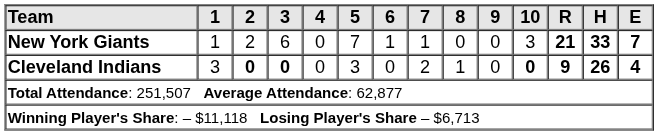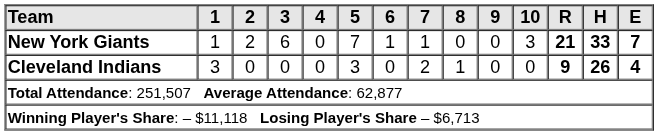 <table border=1 cellspacing=0 width=575 style="margin-left:3em;">
 <tr style="text-align:center; background-color:#e6e6e6;">
 <th align=left width=155>Team</th>
 <th width=25>1</th>
 <th width=25>2</th>
 <th width=25>3</th>
 <th width=25>4</th>
 <th width=25>5</th>
 <th width=25>6</th>
 <th width=25>7</th>
 <th width=25>8</th>
 <th width=25>9</th>
 <th width=25>10</th>
 <th width=25>R</th>
 <th width=25>H</th>
 <th width=25>E</th>
 </tr>
 <tr style="text-align:center;">
 <td align=left><strong>New York Giants</strong></td>
 <td>1</td>
 <td>2</td>
 <td>6</td>
 <td>0</td>
 <td>7</td>
 <td>1</td>
 <td>1</td>
 <td>0</td>
 <td>0</td>
 <td>3</td>
 <td><strong>21</strong></td>
 <td><strong>33</strong></td>
 <td><strong>7</strong></td>
 </tr>
 <tr style="text-align:center;">
 <td align=left><strong>Cleveland Indians</strong></td>
 <td>3</td>
-<td><strong>0</strong></td>
-<td><strong>0</strong></td>
+<td>0</td>
+<td>0</td>
 <td>0</td>
 <td>3</td>
 <td>0</td>
 <td>2</td>
 <td>1</td>
 <td>0</td>
-<td><strong>0</strong></td>
+<td>0</td>
 <td><strong>9</strong></td>
 <td><strong>26</strong></td>
 <td><strong>4</strong></td>
 </tr>
 <tr style="text-align:left;">
 <td colspan=15><small><strong>Total Attendance</strong>: 251,507   <strong>Average Attendance</strong>: 62,877</small></td>
 </tr>
 <tr style="text-align:left;">
 <td colspan=15><small><strong>Winning Player's Share</strong>:  – $11,118   <strong>Losing Player's Share</strong> – $6,713</small></td>
 </tr>
 </table>
